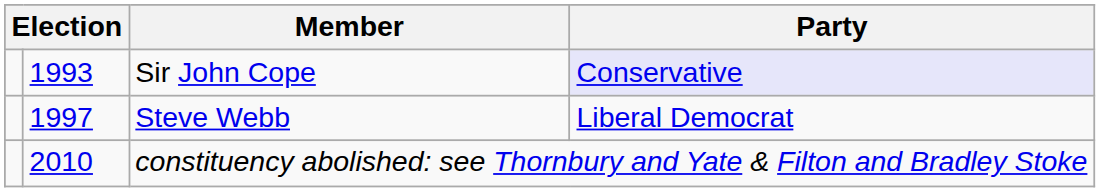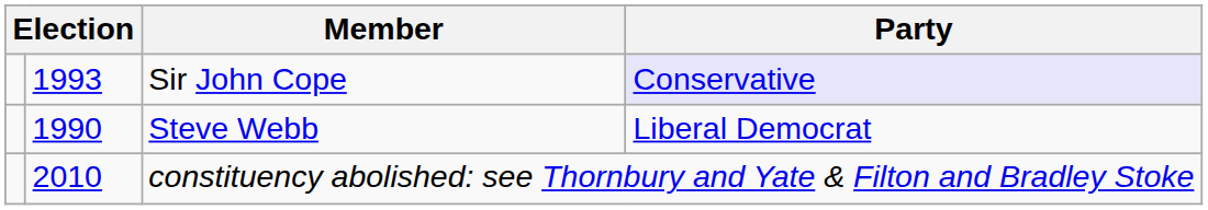 <table class="wikitable">
 <tr>
 <th colspan="2">Election</th>
 <th>Member</th>
 <th>Party</th>
 </tr>
 <tr>
 <td style="color:inherit;background-color: "></td>
 <td><a href='#'>1993</a></td>
 <td>Sir <a href='#'>John Cope</a></td>
 <td style="background: lavender;"><a href='#'>Conservative</a></td>
 </tr>
 <tr>
 <td style="color:inherit;background-color: "></td>
-<td><a href='#'>1997</a></td>
+<td><a href='#'>1990</a></td>
 <td><a href='#'>Steve Webb</a></td>
 <td><a href='#'>Liberal Democrat</a></td>
 </tr>
 <tr>
 <td></td>
 <td><a href='#'>2010</a></td>
 <td colspan="2"><em>constituency abolished: see <a href='#'>Thornbury and Yate</a> & <a href='#'>Filton and Bradley Stoke</a></em></td>
 </tr>
 </table>
